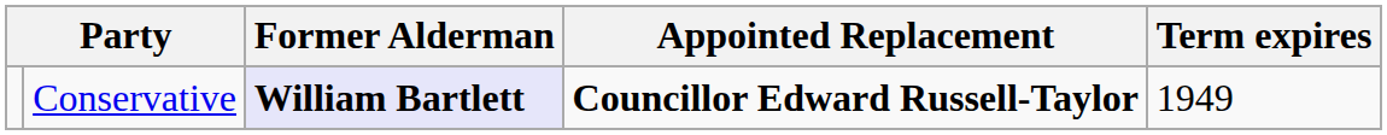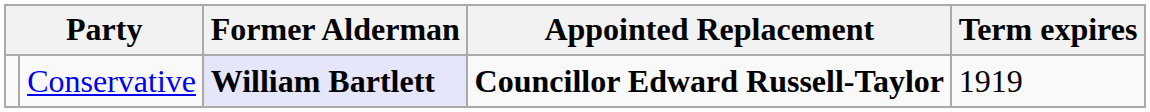 <table class="wikitable">
 <tr>
 <th colspan="2">Party</th>
 <th>Former Alderman</th>
 <th>Appointed Replacement</th>
 <th>Term expires</th>
 </tr>
 <tr>
 <td style="background-color:"></td>
 <td><a href='#'>Conservative</a></td>
 <td style="background: lavender;"><strong>William Bartlett</strong></td>
 <td><strong>Councillor Edward Russell-Taylor</strong></td>
-<td>1949</td>
+<td>1919</td>
 </tr>
 <tr>
 </tr>
 </table>
